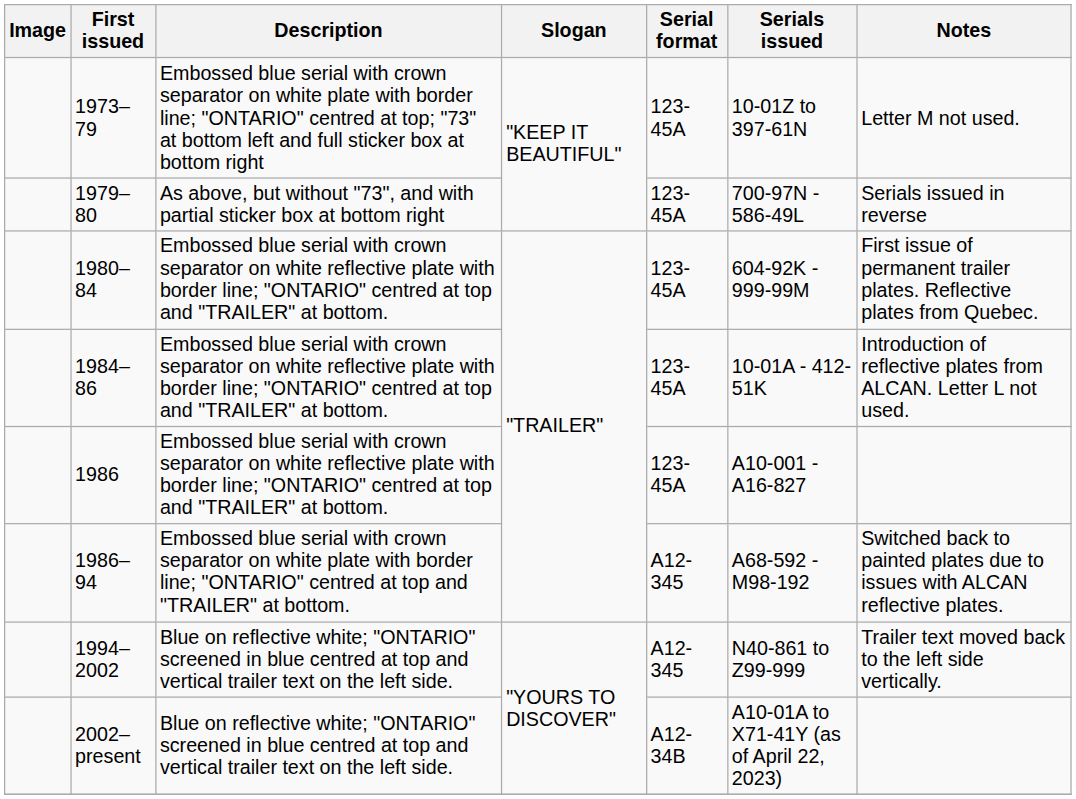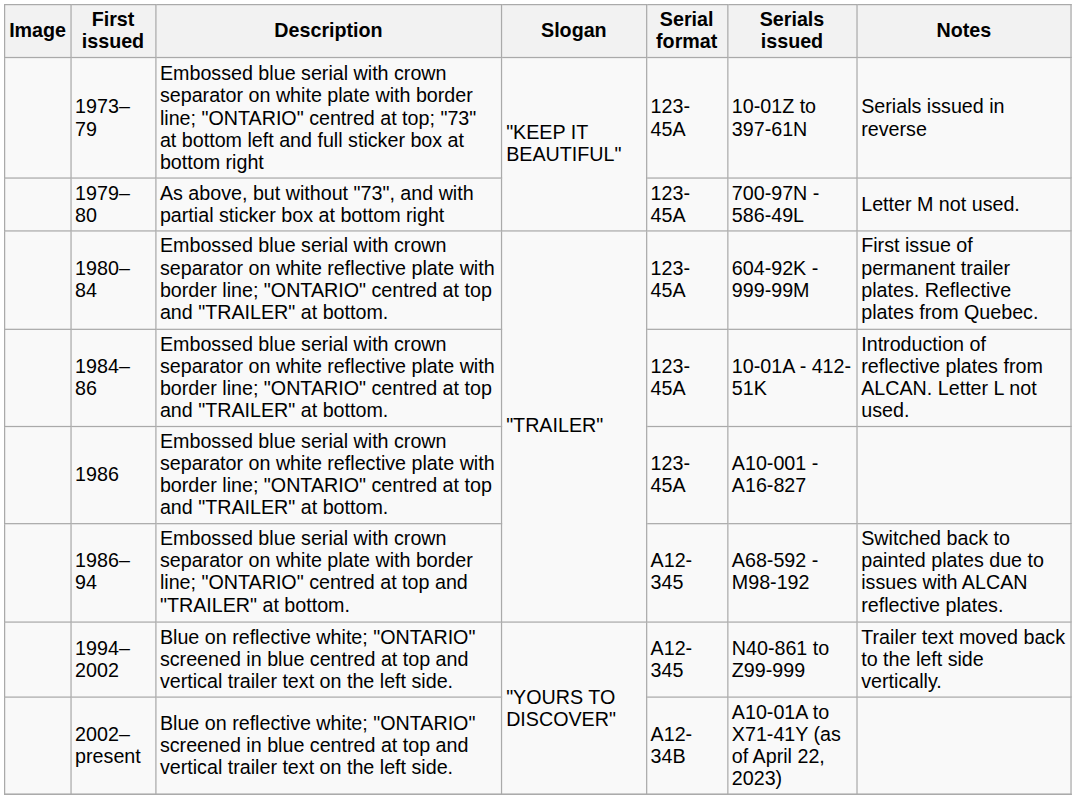 <table class="wikitable">
 <tr>
 <th>Image</th>
 <th>First issued</th>
 <th>Description</th>
 <th>Slogan</th>
 <th>Serial format</th>
 <th>Serials issued</th>
 <th>Notes</th>
 </tr>
 <tr>
 <td></td>
 <td>1973⁠–79</td>
 <td>Embossed blue serial with crown separator on white plate with border line; "ONTARIO" centred at top; "73" at bottom left and full sticker box at bottom right</td>
 <td rowspan=2>"KEEP IT BEAUTIFUL"</td>
 <td>123-45A</td>
 <td>10-01Z to 397-61N</td>
-<td>Letter M not used.</td>
+<td>Serials issued in reverse</td>
 </tr>
 <tr>
 <td></td>
 <td>1979–80</td>
 <td>As above, but without "73", and with partial sticker box at bottom right</td>
 <td>123-45A</td>
 <td>700-97N - 586-49L</td>
-<td>Serials issued in reverse</td>
+<td>Letter M not used.</td>
 </tr>
 <tr>
 <td></td>
 <td>1980⁠–84</td>
 <td>Embossed blue serial with crown separator on white reflective plate with border line; "ONTARIO" centred at top and "TRAILER" at bottom.</td>
 <td rowspan=4>"TRAILER"</td>
 <td>123-45A</td>
 <td>604-92K - 999-99M</td>
 <td>First issue of permanent trailer plates. Reflective plates from Quebec.</td>
 </tr>
 <tr>
 <td></td>
 <td>1984⁠–86</td>
 <td>Embossed blue serial with crown separator on white reflective plate with border line; "ONTARIO" centred at top and "TRAILER" at bottom.</td>
 <td>123-45A</td>
 <td>10-01A - 412-51K</td>
 <td>Introduction of reflective plates from ALCAN. Letter L not used.</td>
 </tr>
 <tr>
 <td></td>
 <td>1986</td>
 <td>Embossed blue serial with crown separator on white reflective plate with border line; "ONTARIO" centred at top and "TRAILER" at bottom.</td>
 <td>123-45A</td>
 <td>A10-001 - A16-827</td>
 <td></td>
 </tr>
 <tr>
 <td></td>
 <td>1986⁠–94</td>
 <td>Embossed blue serial with crown separator on white plate with border line; "ONTARIO" centred at top and "TRAILER" at bottom.</td>
 <td>A12-345</td>
 <td>A68-592 - M98-192</td>
 <td>Switched back to painted plates due to issues with ALCAN reflective plates.</td>
 </tr>
 <tr>
 <td></td>
 <td>1994⁠–2002</td>
 <td>Blue on reflective white; "ONTARIO" screened in blue centred at top and vertical trailer text on the left side.</td>
 <td rowspan=2>"YOURS TO DISCOVER"</td>
 <td>A12-345</td>
 <td>N40-861 to Z99-999</td>
 <td>Trailer text moved back to the left side vertically.</td>
 </tr>
 <tr>
 <td></td>
 <td>2002⁠–present</td>
 <td>Blue on reflective white; "ONTARIO" screened in blue centred at top and vertical trailer text on the left side.</td>
 <td>A12-34B</td>
 <td>A10-01A to X71-41Y (as of April 22, 2023)</td>
 <td></td>
 </tr>
 <tr>
 </tr>
 </table>
